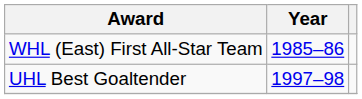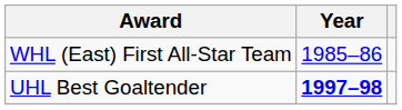 <table class="wikitable">
 <tr>
 <th>Award</th>
 <th>Year</th>
 <th></th>
 </tr>
 <tr>
 <td><a href='#'>WHL</a> (East) First All-Star Team</td>
 <td><a href='#'>1985–86</a></td>
 <td></td>
 </tr>
 <tr>
 <td><a href='#'>UHL</a> Best Goaltender</td>
-<td><a href='#'>1997–98</a></td>
+<td><strong><a href='#'>1997–98</a></strong></td>
 <td></td>
 </tr>
 <tr>
 </tr>
 </table>
